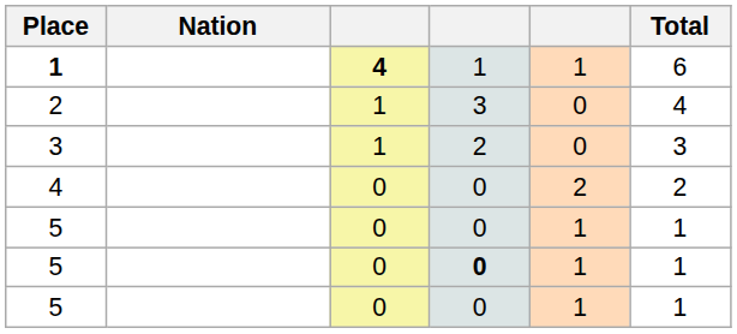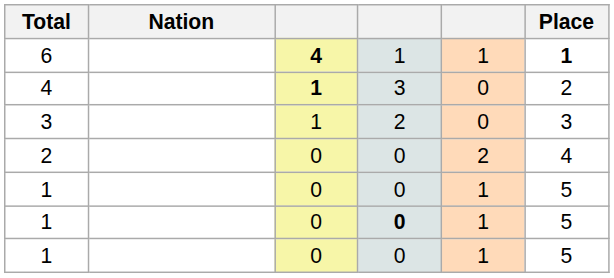 <table class=wikitable style="border:1px solid #AAAAAA;font-size:90%">
 <tr bgcolor="#EFEFEF">
-<th width=50>Place</th>
+<th width=50>Total</th>
 <th width=120>Nation</th>
 <th width=50></th>
 <th width=50></th>
 <th width=50></th>
-<th width=50>Total</th>
+<th width=50>Place</th>
 </tr>
 <tr align="center" valign="top" bgcolor="#FFFFFF">
-<td><strong>1</strong></td>
+<td>6</td>
 <td align="left"><strong></strong></td>
 <td style="background:#F7F6A8;"><strong>4</strong></td>
 <td style="background:#DCE5E5;">1</td>
 <td style="background:#FFDAB9;">1</td>
-<td>6</td>
+<td><strong>1</strong></td>
 </tr>
 <tr align="center" valign="top" bgcolor="#FFFFFF">
-<td>2</td>
+<td>4</td>
 <td align="left"></td>
-<td style="background:#F7F6A8;">1</td>
+<td style="background:#F7F6A8;"><strong>1</strong></td>
 <td style="background:#DCE5E5;">3</td>
 <td style="background:#FFDAB9;">0</td>
-<td>4</td>
+<td>2</td>
 </tr>
 <tr align="center" valign="top" bgcolor="#FFFFFF">
 <td>3</td>
 <td align="left"></td>
 <td style="background:#F7F6A8;">1</td>
 <td style="background:#DCE5E5;">2</td>
 <td style="background:#FFDAB9;">0</td>
 <td>3</td>
 </tr>
 <tr align="center" valign="top" bgcolor="#FFFFFF">
-<td>4</td>
+<td>2</td>
 <td align="left"></td>
 <td style="background:#F7F6A8;">0</td>
 <td style="background:#DCE5E5;">0</td>
 <td style="background:#FFDAB9;">2</td>
-<td>2</td>
+<td>4</td>
 </tr>
 <tr align="center" valign="top" bgcolor="#FFFFFF">
-<td>5</td>
+<td>1</td>
 <td align="left"></td>
 <td style="background:#F7F6A8;">0</td>
 <td style="background:#DCE5E5;">0</td>
 <td style="background:#FFDAB9;">1</td>
-<td>1</td>
+<td>5</td>
 </tr>
 <tr align="center" valign="top" bgcolor="#FFFFFF">
-<td>5</td>
+<td>1</td>
 <td align="left"></td>
 <td style="background:#F7F6A8;">0</td>
 <td style="background:#DCE5E5;"><strong>0</strong></td>
 <td style="background:#FFDAB9;">1</td>
-<td>1</td>
+<td>5</td>
 </tr>
 <tr align="center" valign="top" bgcolor="#FFFFFF">
-<td>5</td>
+<td>1</td>
 <td align="left"></td>
 <td style="background:#F7F6A8;">0</td>
 <td style="background:#DCE5E5;">0</td>
 <td style="background:#FFDAB9;">1</td>
-<td>1</td>
+<td>5</td>
 </tr>
 </table>
